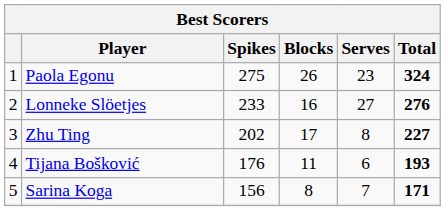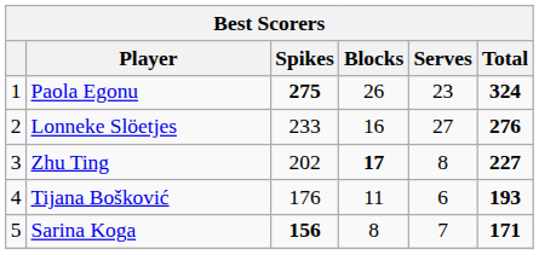 <table class="wikitable sortable" style=font-size:90%>
 <tr>
 <th colspan=6>Best Scorers</th>
 </tr>
 <tr>
 <th></th>
 <th width=160>Player</th>
 <th width=20>Spikes</th>
 <th width=20>Blocks</th>
 <th width=20>Serves</th>
 <th width=20>Total</th>
 </tr>
 <tr>
 <td align=center>1</td>
 <td> <a href='#'>Paola Egonu</a></td>
-<td align=center>275</td>
+<td align=center><strong>275</strong></td>
 <td align=center>26</td>
 <td align=center>23</td>
 <td align=center><strong>324</strong></td>
 </tr>
 <tr>
 <td align=center>2</td>
 <td> <a href='#'>Lonneke Slöetjes</a></td>
 <td align=center>233</td>
 <td align=center>16</td>
 <td align=center>27</td>
 <td align=center><strong>276</strong></td>
 </tr>
 <tr>
 <td align=center>3</td>
 <td> <a href='#'>Zhu Ting</a></td>
 <td align=center>202</td>
-<td align=center>17</td>
+<td align=center><strong>17</strong></td>
 <td align=center>8</td>
 <td align=center><strong>227</strong></td>
 </tr>
 <tr>
 <td align=center>4</td>
 <td> <a href='#'>Tijana Bošković</a></td>
 <td align=center>176</td>
 <td align=center>11</td>
 <td align=center>6</td>
 <td align=center><strong>193</strong></td>
 </tr>
 <tr>
 <td align=center>5</td>
 <td> <a href='#'>Sarina Koga</a></td>
-<td align=center>156</td>
+<td align=center><strong>156</strong></td>
 <td align=center>8</td>
 <td align=center>7</td>
 <td align=center><strong>171</strong></td>
 </tr>
 <tr>
 </tr>
 </table>
